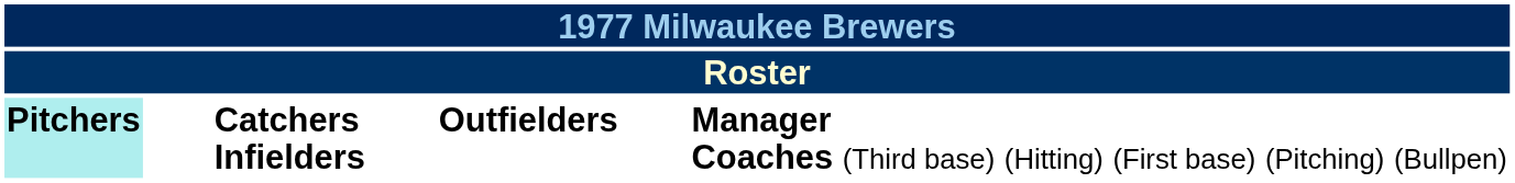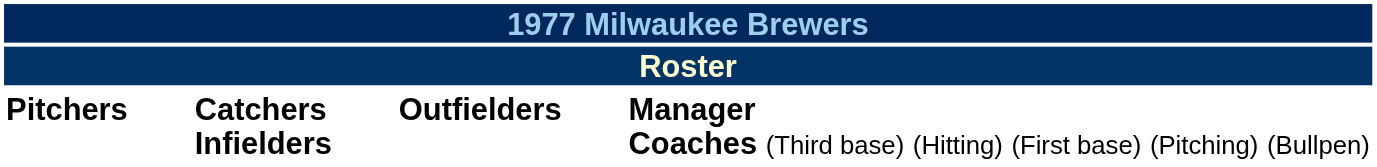 <table class="toccolours" style="font-size: 95%;">
 <tr>
 <th colspan="10" style="background-color: #00285D; color: #9ECEEE; text-align: center;">1977 Milwaukee Brewers</th>
 </tr>
 <tr>
 <td colspan="10" style="background-color: #003366; color: #FFFDD0; text-align: center;"><strong>Roster</strong></td>
 </tr>
 <tr>
-<td valign="top" style="background: paleturquoise;"><strong>Pitchers</strong><br>            </td>
+<td valign="top"><strong>Pitchers</strong><br>            </td>
 <td width="25px"></td>
 <td valign="top"><strong>Catchers</strong><br>  <strong>Infielders</strong>           </td>
 <td width="25px"></td>
 <td valign="top"><strong>Outfielders</strong><br>         </td>
 <td width="25px"></td>
 <td valign="top"><strong>Manager</strong><br>  <strong>Coaches</strong>  <small>(Third base)</small>  <small>(Hitting)</small>  <small>(First base)</small>  <small>(Pitching)</small>  <small>(Bullpen)</small></td>
 </tr>
 <tr>
 </tr>
 </table>
